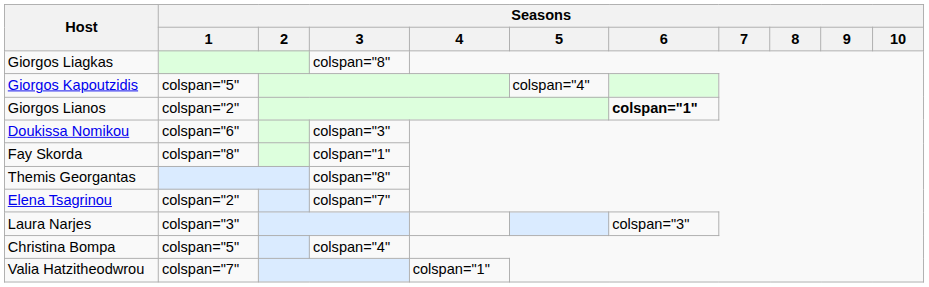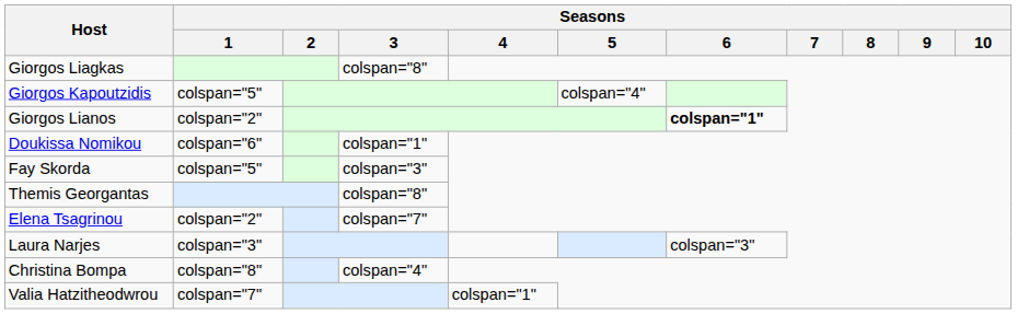 <table class="wikitable" style="width:80%">
 <tr>
 <th rowspan="2" style="width:135px">Host</th>
 <th colspan="10">Seasons</th>
 </tr>
 <tr>
 <th style="width:40px">1</th>
 <th style="width:40px">2</th>
 <th style="width:40px">3</th>
 <th style="width:40px">4</th>
 <th style="width:40px">5</th>
 <th style="width:40px">6</th>
 <th style="width:40px">7</th>
 <th style="width:40px">8</th>
 <th style="width:40px">9</th>
 <th style="width:40px">10</th>
 </tr>
 <tr>
 <td>Giorgos Liagkas</td>
 <td colspan="2" style="background:#ddffdd"></td>
 <td>colspan="8" </td>
 </tr>
 <tr>
 <td><a href='#'>Giorgos Kapoutzidis</a></td>
 <td>colspan="5" </td>
 <td colspan="3" style="background:#ddffdd"></td>
 <td>colspan="4" </td>
 <td colspan="1" style="background:#ddffdd"></td>
 </tr>
 <tr>
 <td>Giorgos Lianos</td>
 <td>colspan="2" </td>
 <td colspan="4" style="background:#ddffdd;"></td>
 <td><strong>colspan="1" </strong></td>
 </tr>
 <tr>
 <td><a href='#'>Doukissa Nomikou</a></td>
 <td>colspan="6" </td>
 <td style="background:#ddffdd"></td>
-<td>colspan="3" </td>
+<td>colspan="1" </td>
 </tr>
 <tr>
 <td>Fay Skorda</td>
-<td>colspan="8" </td>
+<td>colspan="5" </td>
 <td style="background:#ddffdd"></td>
-<td>colspan="1" </td>
+<td>colspan="3" </td>
 </tr>
 <tr>
 <td>Themis Georgantas</td>
 <td colspan="2" style="background:#DAEBFF"></td>
 <td>colspan="8" </td>
 </tr>
 <tr>
 <td><a href='#'>Elena Tsagrinou</a></td>
 <td>colspan="2" </td>
 <td style="background:#DAEBFF"></td>
 <td>colspan="7" </td>
 </tr>
 <tr>
 <td>Laura Narjes</td>
 <td>colspan="3" </td>
 <td colspan="2" style="background:#DAEBFF"></td>
 <td></td>
 <td style="background:#DAEBFF"></td>
 <td>colspan="3" </td>
 </tr>
 <tr>
 <td>Christina Bompa</td>
-<td>colspan="5" </td>
+<td>colspan="8" </td>
 <td style="background:#DAEBFF"></td>
 <td>colspan="4" </td>
 </tr>
 <tr>
 <td>Valia Hatzitheodwrou</td>
 <td>colspan="7" </td>
 <td colspan="2" style="background:#DAEBFF"></td>
 <td>colspan="1" </td>
 </tr>
 </table>
